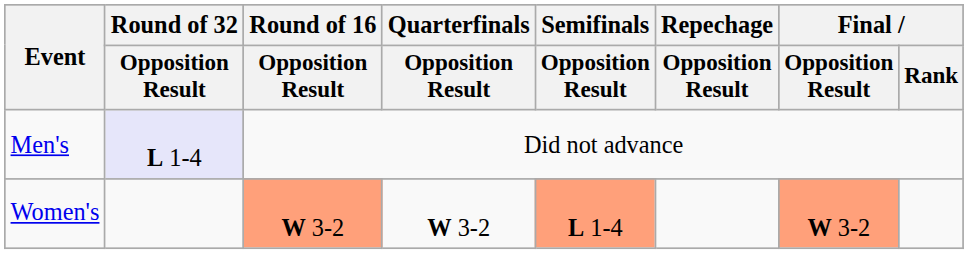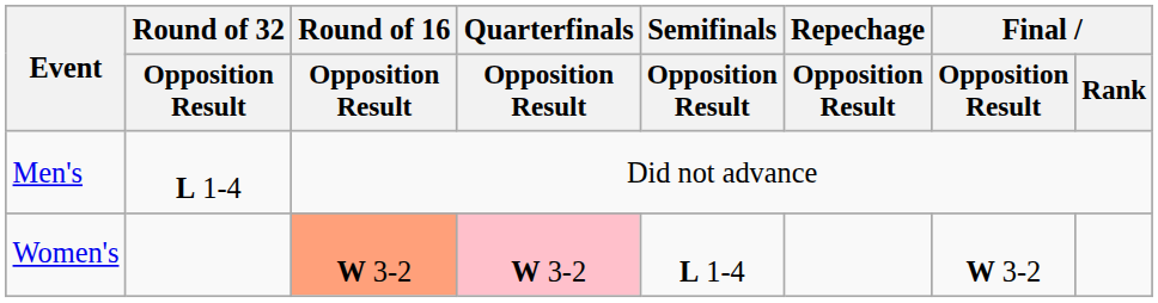 <table class="wikitable" style="font-size:90%">
 <tr>
 <th rowspan=2>Event</th>
 <th>Round of 32</th>
 <th>Round of 16</th>
 <th>Quarterfinals</th>
 <th>Semifinals</th>
 <th>Repechage</th>
 <th colspan=2>Final / </th>
 </tr>
 <tr style="font-size:95%">
 <th>Opposition<br>Result</th>
 <th>Opposition<br>Result</th>
 <th>Opposition<br>Result</th>
 <th>Opposition<br>Result</th>
 <th>Opposition<br>Result</th>
 <th>Opposition<br>Result</th>
 <th>Rank</th>
 </tr>
 <tr align=center>
 <td align=left><a href='#'>Men's</a></td>
-<td style="background: lavender;"><br> <strong>L</strong> 1-4</td>
+<td><br> <strong>L</strong> 1-4</td>
 <td colspan=6>Did not advance</td>
 </tr>
 <tr align=center>
 <td align=left><a href='#'>Women's</a></td>
 <td></td>
 <td style="background: lightsalmon;"><br> <strong>W</strong> 3-2</td>
+<td style="background: pink;"><br> <strong>W</strong> 3-2</td>
+<td><br> <strong>L</strong> 1-4</td>
+<td></td>
 <td><br> <strong>W</strong> 3-2</td>
-<td style="background: lightsalmon;"><br> <strong>L</strong> 1-4</td>
-<td></td>
-<td style="background: lightsalmon;"><br> <strong>W</strong> 3-2</td>
 <td></td>
 </tr>
 </table>
